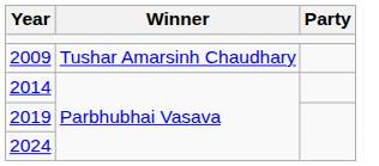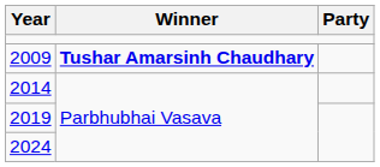 <table class="wikitable sortable">
 <tr>
 <th>Year</th>
 <th>Winner</th>
 <th colspan=2>Party</th>
 </tr>
 <tr>
 <td colspan="4"></td>
 </tr>
 <tr>
 <td><a href='#'>2009</a></td>
-<td><a href='#'>Tushar Amarsinh Chaudhary</a></td>
+<td><strong><a href='#'>Tushar Amarsinh Chaudhary</a></strong></td>
 <td></td>
 </tr>
 <tr>
 <td><a href='#'>2014</a></td>
 <td rowspan="3"><a href='#'>Parbhubhai Vasava</a></td>
 <td></td>
 </tr>
 <tr>
 <td><a href='#'>2019</a></td>
 </tr>
 <tr>
 <td><a href='#'>2024</a></td>
 </tr>
 </table>
